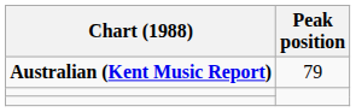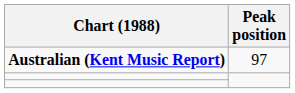 <table class="wikitable sortable">
 <tr>
 <th>Chart (1988)</th>
 <th>Peak<br>position</th>
 </tr>
 <tr>
 <td><strong>Australian (<a href='#'>Kent Music Report</a>)</strong></td>
-<td align="center">79</td>
+<td align="center">97</td>
 </tr>
 <tr>
 <td></td>
 </tr>
 <tr>
 <td></td>
 </tr>
 </table>
